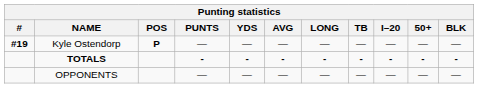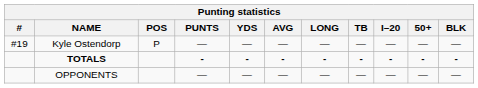 <table style="width:60%; text-align:center;" class="wikitable collapsible collapsed">
 <tr>
 <th colspan="12">Punting statistics</th>
 </tr>
 <tr>
 <th>#</th>
 <th>NAME</th>
 <th>POS</th>
 <th>PUNTS</th>
 <th>YDS</th>
 <th>AVG</th>
 <th>LONG</th>
 <th>TB</th>
 <th>I–20</th>
 <th>50+</th>
 <th>BLK</th>
 </tr>
 <tr>
-<td><strong>#19</strong></td>
+<td>#19</td>
 <td>Kyle Ostendorp</td>
-<td><strong>P</strong></td>
+<td>P</td>
 <td>—</td>
 <td>—</td>
 <td>—</td>
 <td>—</td>
 <td>—</td>
 <td>—</td>
 <td>—</td>
 <td>—</td>
 </tr>
 <tr>
 <td></td>
 <td><strong>TOTALS</strong></td>
 <td></td>
 <td><strong>-</strong></td>
 <td><strong>-</strong></td>
 <td><strong>-</strong></td>
 <td><strong>-</strong></td>
 <td><strong>-</strong></td>
 <td><strong>-</strong></td>
 <td><strong>-</strong></td>
 <td><strong>-</strong></td>
 </tr>
 <tr>
 <td></td>
 <td>OPPONENTS</td>
 <td></td>
 <td>—</td>
 <td>—</td>
 <td>—</td>
 <td>—</td>
 <td>—</td>
 <td>—</td>
 <td>—</td>
 <td>—</td>
 </tr>
 </table>
